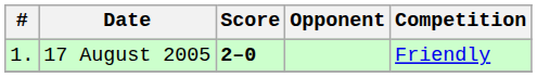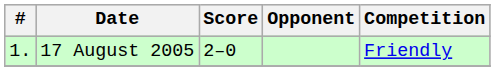 <table class="wikitable" style="font-size:90%">
 <tr>
 <th>#</th>
 <th>Date</th>
 <th>Score</th>
 <th>Opponent</th>
 <th>Competition</th>
 </tr>
 <tr style="background: #CCFFCC">
 <td>1.</td>
 <td>17 August 2005</td>
-<td><strong>2–0</strong></td>
+<td>2–0</td>
 <td></td>
 <td><a href='#'>Friendly</a></td>
 </tr>
 <tr>
 </tr>
 </table>
